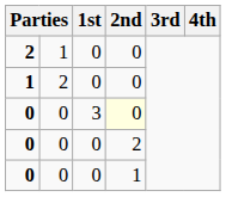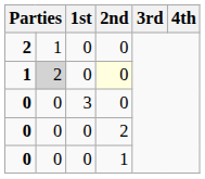 <table class="wikitable" style="text-align:right;">
 <tr>
 <th colspan=2 style="text-align:left;">Parties</th>
 <th>1st</th>
 <th>2nd</th>
 <th>3rd</th>
 <th>4th</th>
 </tr>
 <tr>
 <td><strong>2</strong></td>
 <td>1</td>
 <td>0</td>
 <td>0</td>
 </tr>
 <tr>
 <td><strong>1</strong></td>
-<td>2</td>
+<td style="background: lightgrey;">2</td>
 <td>0</td>
-<td>0</td>
+<td style="background: lightyellow;">0</td>
 </tr>
 <tr>
 <td><strong>0</strong></td>
 <td>0</td>
 <td>3</td>
-<td style="background: lightyellow;">0</td>
+<td>0</td>
 </tr>
 <tr>
 <td><strong>0</strong></td>
 <td>0</td>
 <td>0</td>
 <td>2</td>
 </tr>
 <tr>
 <td><strong>0</strong></td>
 <td>0</td>
 <td>0</td>
 <td>1</td>
 </tr>
 </table>
